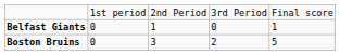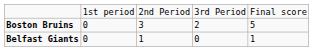 <table class="wikitable">
 <tr>
 <td></td>
 <td>1st period</td>
 <td>2nd Period</td>
 <td>3rd Period</td>
 <td>Final score</td>
 </tr>
 <tr>
+<td><strong>Boston Bruins</strong></td>
+<td>0</td>
+<td>3</td>
+<td>2</td>
+<td>5</td>
+</tr>
+<tr>
 <td><strong>Belfast Giants</strong></td>
 <td>0</td>
 <td>1</td>
 <td>0</td>
 <td>1</td>
 </tr>
-<tr>
-<td><strong>Boston Bruins</strong></td>
-<td>0</td>
-<td>3</td>
-<td>2</td>
-<td>5</td>
-</tr>
 </table>
